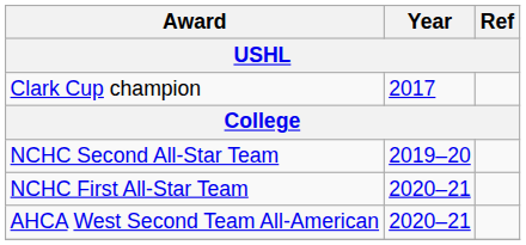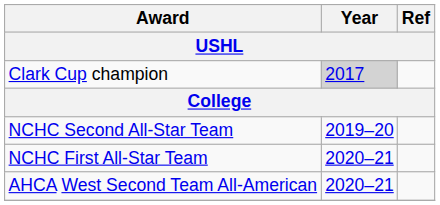 <table class="wikitable">
 <tr>
 <th>Award</th>
 <th>Year</th>
 <th>Ref</th>
 </tr>
 <tr>
 <th colspan="3"><a href='#'>USHL</a></th>
 </tr>
 <tr>
 <td><a href='#'>Clark Cup</a> champion</td>
-<td><a href='#'>2017</a></td>
+<td style="background: lightgrey;"><a href='#'>2017</a></td>
 <td></td>
 </tr>
 <tr>
 <th colspan="3"><a href='#'>College</a></th>
 </tr>
 <tr>
 <td><a href='#'>NCHC Second All-Star Team</a></td>
 <td><a href='#'>2019–20</a></td>
 <td></td>
 </tr>
 <tr>
 <td><a href='#'>NCHC First All-Star Team</a></td>
 <td><a href='#'>2020–21</a></td>
 <td></td>
 </tr>
 <tr>
 <td><a href='#'>AHCA</a> <a href='#'>West Second Team All-American</a></td>
 <td><a href='#'>2020–21</a></td>
 <td></td>
 </tr>
 <tr>
 </tr>
 </table>
